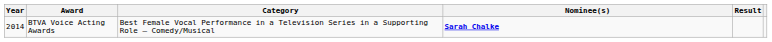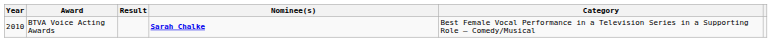 <table class="wikitable sortable"  style="font-size:95%; width:99%;">
 <tr>
 <th>Year</th>
 <th>Award</th>
+<th>Result</th>
+<th style="width:38%;">Nominee(s)</th>
 <th>Category</th>
-<th style="width:38%;">Nominee(s)</th>
-<th>Result</th>
 <th class=unsortable></th>
 </tr>
 <tr>
-<td style="text-align:center;">2014</td>
+<td style="text-align:center;">2010</td>
 <td>BTVA Voice Acting Awards</td>
+<td></td>
+<td><strong><a href='#'>Sarah Chalke</a></strong></td>
 <td>Best Female Vocal Performance in a Television Series in a Supporting Role — Comedy/Musical</td>
-<td><strong><a href='#'>Sarah Chalke</a></strong></td>
-<td></td>
 <td style="text -align:center;"></td>
 </tr>
 </table>
